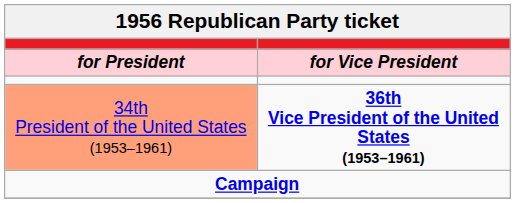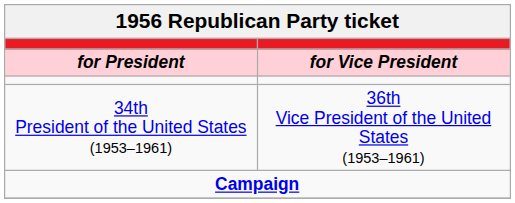 <table class="wikitable" style="font-size:90%; text-align:center;">
 <tr>
 <td style="background:#f1f1f1;" colspan="30"><big><strong>1956 Republican Party ticket</strong></big></td>
 </tr>
 <tr>
 <th style="width:3em; font-size:135%; background:#E81B23; width:200px;"><a href='#'></a></th>
 <th style="width:3em; font-size:135%; background:#E81B23; width:200px;"><a href='#'></a></th>
 </tr>
 <tr style="color:#000; font-size:100%; background:#FFD0D7;">
 <td style="width:3em; width:200px;"><strong><em>for President</em></strong></td>
 <td style="width:3em; width:200px;"><strong><em>for Vice President</em></strong></td>
 </tr>
 <tr>
 <td></td>
 <td></td>
 </tr>
 <tr>
-<td style="background: lightsalmon;"><a href='#'>34th</a><br><a href='#'>President of the United States</a><br><small>(1953–1961)</small></td>
-<td><strong><a href='#'>36th</a><br><a href='#'>Vice President of the United States</a><br><small>(1953–1961)</small></strong></td>
+<td><a href='#'>34th</a><br><a href='#'>President of the United States</a><br><small>(1953–1961)</small></td>
+<td><a href='#'>36th</a><br><a href='#'>Vice President of the United States</a><br><small>(1953–1961)</small></td>
 </tr>
 <tr>
 <td colspan=2><a href='#'><strong>Campaign</strong></a></td>
 </tr>
 <tr>
 </tr>
 </table>
